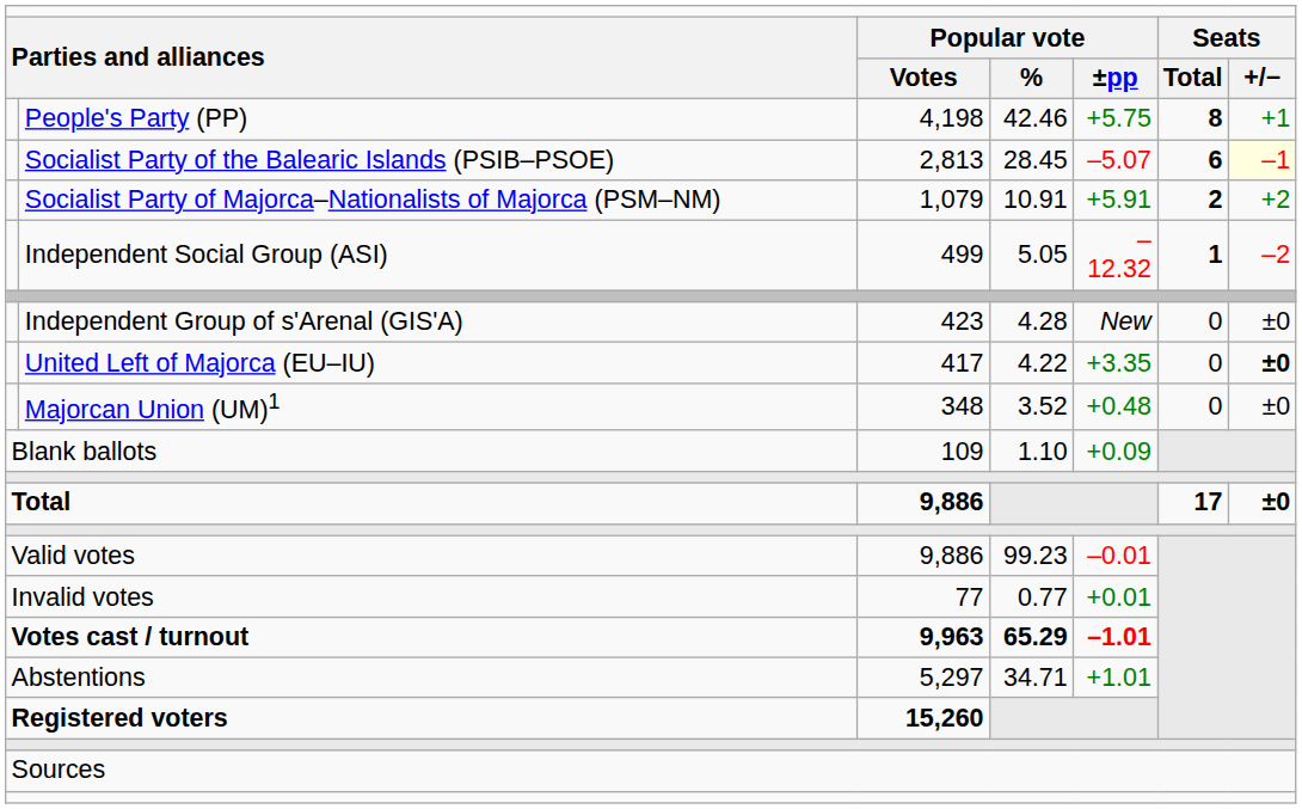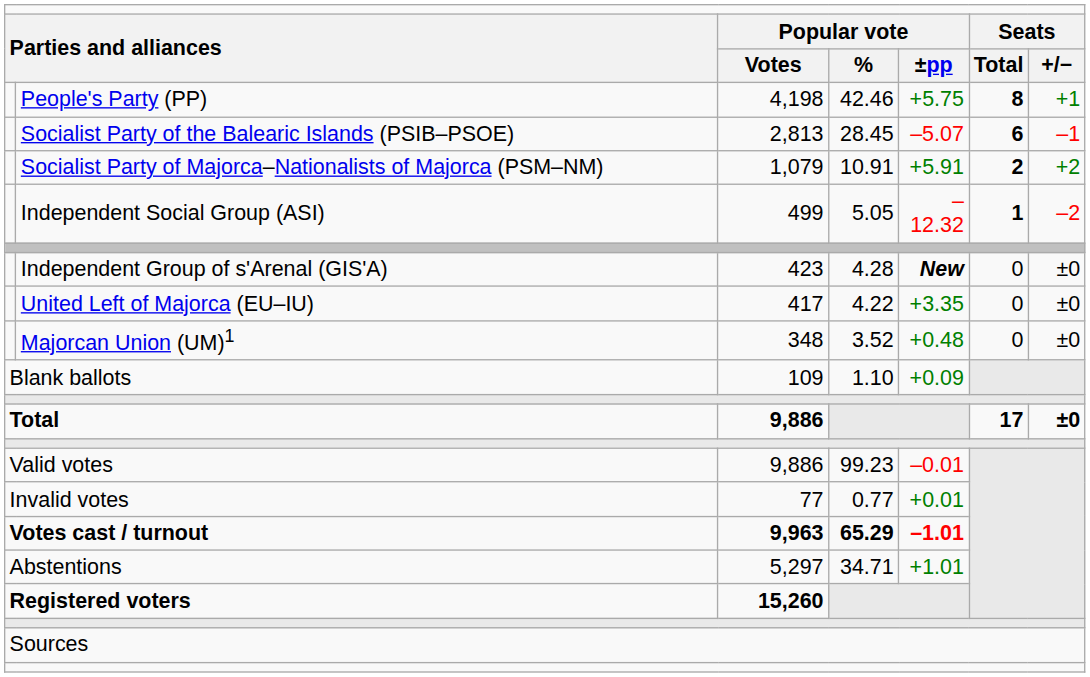 <table class="wikitable" style="text-align:right;">
 <tr>
 <td colspan="7"></td>
 </tr>
 <tr>
 <th style="text-align:left;" rowspan="2" colspan="2" width="525">Parties and alliances</th>
 <th colspan="3">Popular vote</th>
 <th colspan="2">Seats</th>
 </tr>
 <tr>
 <th width="75">Votes</th>
 <th width="45">%</th>
 <th width="45">±<a href='#'>pp</a></th>
 <th width="35">Total</th>
 <th width="35">+/−</th>
 </tr>
 <tr>
 <td width="1" style="color:inherit;background:"></td>
 <td align="left"><a href='#'>People's Party</a> (PP)</td>
 <td>4,198</td>
 <td>42.46</td>
 <td style="color:green;">+5.75</td>
 <td><strong>8</strong></td>
 <td style="color:green;">+1</td>
 </tr>
 <tr>
 <td style="color:inherit;background:"></td>
 <td align="left"><a href='#'>Socialist Party of the Balearic Islands</a> (PSIB–PSOE)</td>
 <td>2,813</td>
 <td>28.45</td>
 <td style="color:red;">–5.07</td>
 <td><strong>6</strong></td>
-<td style="background: lightyellow; color:red;">–1</td>
+<td style="color:red;">–1</td>
 </tr>
 <tr>
 <td style="color:inherit;background:"></td>
 <td align="left"><a href='#'>Socialist Party of Majorca</a>–<a href='#'>Nationalists of Majorca</a> (PSM–NM)</td>
 <td>1,079</td>
 <td>10.91</td>
 <td style="color:green;">+5.91</td>
 <td><strong>2</strong></td>
 <td style="color:green;">+2</td>
 </tr>
 <tr>
 <td style="color:inherit;background:"></td>
 <td align="left">Independent Social Group (ASI)</td>
 <td>499</td>
 <td>5.05</td>
 <td style="color:red;">–12.32</td>
 <td><strong>1</strong></td>
 <td style="color:red;">–2</td>
 </tr>
 <tr>
 <td colspan="7" bgcolor="#C0C0C0"></td>
 </tr>
 <tr>
 <td style="color:inherit;background:"></td>
 <td align="left">Independent Group of s'Arenal (GIS'A)</td>
 <td>423</td>
 <td>4.28</td>
-<td><em>New</em></td>
+<td><strong><em>New</em></strong></td>
 <td>0</td>
 <td>±0</td>
 </tr>
 <tr>
 <td style="color:inherit;background:"></td>
 <td align="left"><a href='#'>United Left of Majorca</a> (EU–IU)</td>
 <td>417</td>
 <td>4.22</td>
 <td style="color:green;">+3.35</td>
 <td>0</td>
-<td><strong>±0</strong></td>
+<td>±0</td>
 </tr>
 <tr>
 <td style="color:inherit;background:"></td>
 <td align="left"><a href='#'>Majorcan Union</a> (UM)<sup>1</sup></td>
 <td>348</td>
 <td>3.52</td>
 <td style="color:green;">+0.48</td>
 <td>0</td>
 <td>±0</td>
 </tr>
 <tr>
 <td align="left" colspan="2">Blank ballots</td>
 <td>109</td>
 <td>1.10</td>
 <td style="color:green;">+0.09</td>
 <td bgcolor="#E9E9E9" colspan="2"></td>
 </tr>
 <tr>
 <td colspan="7" bgcolor="#E9E9E9"></td>
 </tr>
 <tr style="font-weight:bold;">
 <td align="left" colspan="2">Total</td>
 <td>9,886</td>
 <td bgcolor="#E9E9E9" colspan="2"></td>
 <td>17</td>
 <td>±0</td>
 </tr>
 <tr>
 <td colspan="7" bgcolor="#E9E9E9"></td>
 </tr>
 <tr>
 <td align="left" colspan="2">Valid votes</td>
 <td>9,886</td>
 <td>99.23</td>
 <td style="color:red;">–0.01</td>
 <td bgcolor="#E9E9E9" colspan="2" rowspan="5"></td>
 </tr>
 <tr>
 <td align="left" colspan="2">Invalid votes</td>
 <td>77</td>
 <td>0.77</td>
 <td style="color:green;">+0.01</td>
 </tr>
 <tr style="font-weight:bold;">
 <td align="left" colspan="2">Votes cast / turnout</td>
 <td>9,963</td>
 <td>65.29</td>
 <td style="color:red;">–1.01</td>
 </tr>
 <tr>
 <td align="left" colspan="2">Abstentions</td>
 <td>5,297</td>
 <td>34.71</td>
 <td style="color:green;">+1.01</td>
 </tr>
 <tr style="font-weight:bold;">
 <td align="left" colspan="2">Registered voters</td>
 <td>15,260</td>
 <td bgcolor="#E9E9E9" colspan="2"></td>
 </tr>
 <tr>
 <td colspan="7" bgcolor="#E9E9E9"></td>
 </tr>
 <tr>
 <td align="left" colspan="7">Sources</td>
 </tr>
 <tr>
 <td colspan="7" style="text-align:left; max-width:790px;"></td>
 </tr>
 </table>
